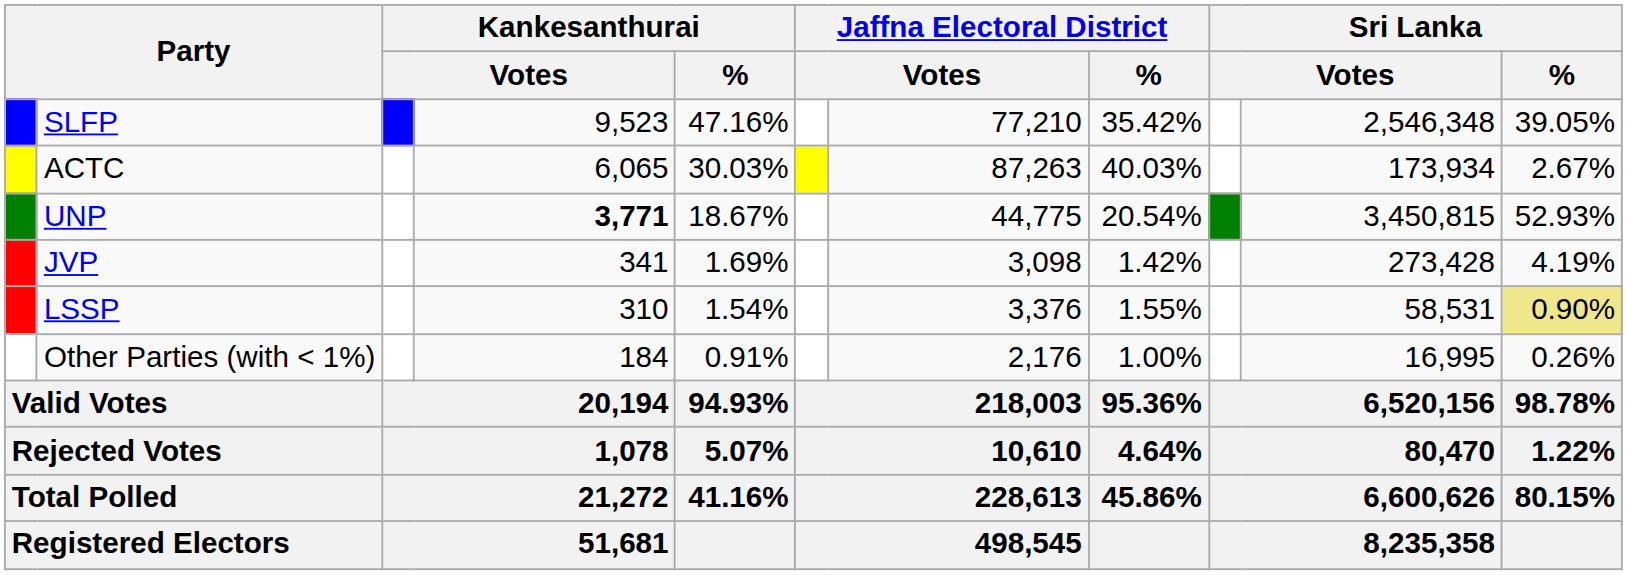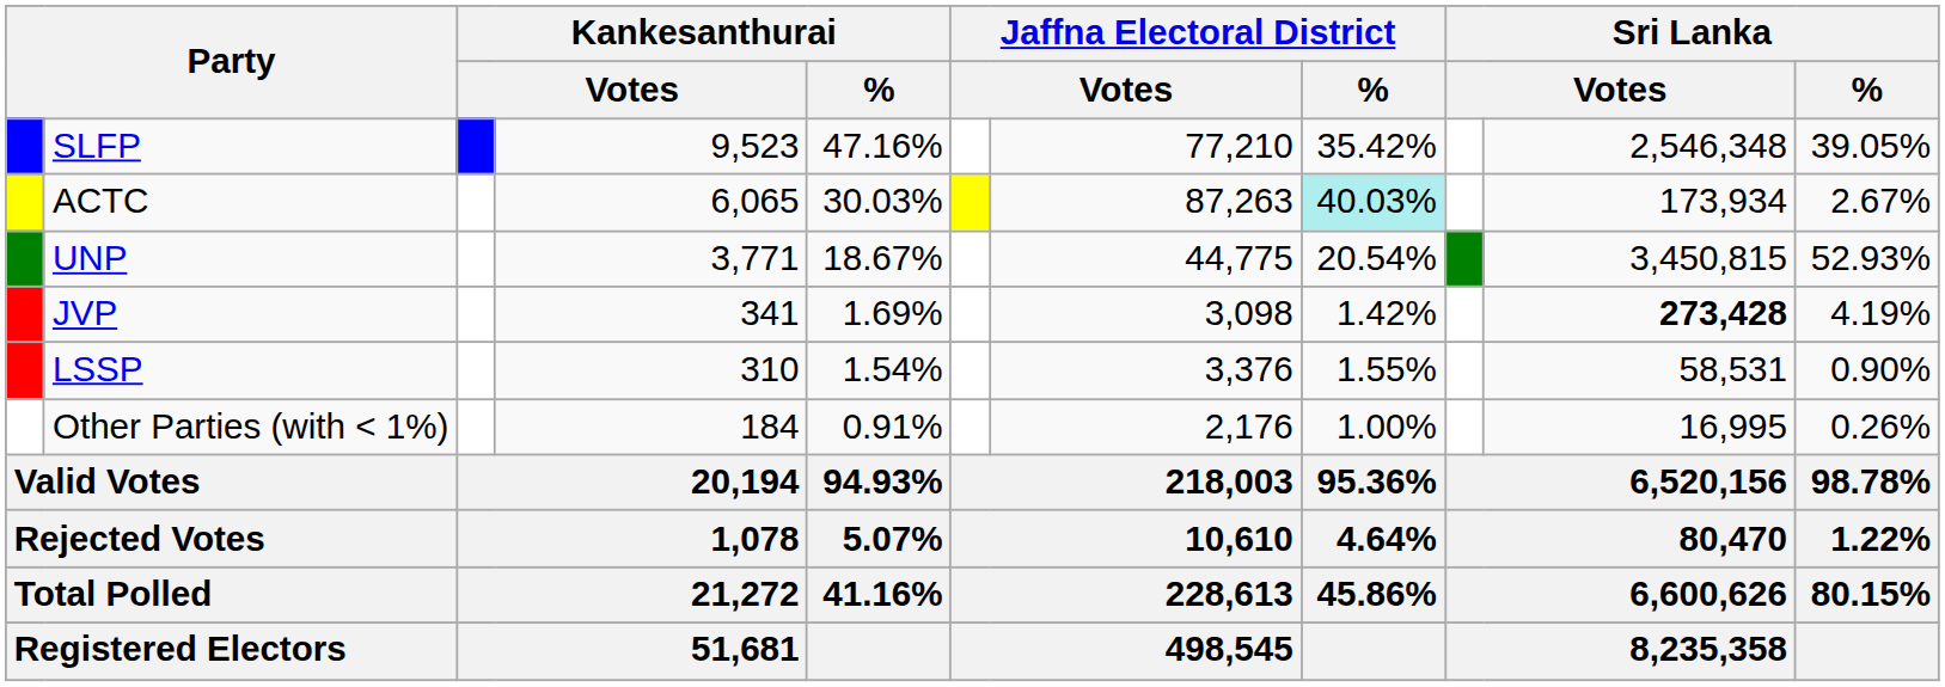 <table class="wikitable">
 <tr>
 <th colspan="2" width="144px"rowspan="2">Party</th>
 <th colspan="3" width="216px">Kankesanthurai</th>
 <th colspan="3" width="216px"><a href='#'>Jaffna Electoral District</a></th>
 <th colspan="3" width="216px">Sri Lanka</th>
 </tr>
 <tr>
 <th colspan="2" width="144px">Votes</th>
 <th>%</th>
 <th colspan="2" width="144px">Votes</th>
 <th>%</th>
 <th colspan="2" width="144px">Votes</th>
 <th>%</th>
 </tr>
 <tr>
 <td style="background-color:blue;" width="10px"></td>
 <td style="text-align:left;"><a href='#'>SLFP</a></td>
 <td style="background-color:blue;" width="10px"></td>
 <td style="text-align:right;">9,523</td>
 <td style="text-align:right;">47.16%</td>
 <td style="background-color:white;" width="10px"></td>
 <td style="text-align:right;">77,210</td>
 <td style="text-align:right;">35.42%</td>
 <td style="background-color:white;" width="10px"></td>
 <td style="text-align:right;">2,546,348</td>
 <td style="text-align:right;">39.05%</td>
 </tr>
 <tr>
 <td style="background-color:yellow;" width="10px"></td>
 <td style="text-align:left;">ACTC</td>
 <td style="background-color:white;" width="10px"></td>
 <td style="text-align:right;">6,065</td>
 <td style="text-align:right;">30.03%</td>
 <td style="background-color:yellow;" width="10px"></td>
 <td style="text-align:right;">87,263</td>
-<td style="text-align:right;">40.03%</td>
+<td style="background: paleturquoise; text-align:right;">40.03%</td>
 <td style="background-color:white;" width="10px"></td>
 <td style="text-align:right;">173,934</td>
 <td style="text-align:right;">2.67%</td>
 </tr>
 <tr>
 <td style="background-color:green;" width="10px"></td>
 <td style="text-align:left;"><a href='#'>UNP</a></td>
 <td style="background-color:white;" width="10px"></td>
-<td style="text-align:right;"><strong>3,771</strong></td>
+<td style="text-align:right;">3,771</td>
 <td style="text-align:right;">18.67%</td>
 <td style="background-color:white;" width="10px"></td>
 <td style="text-align:right;">44,775</td>
 <td style="text-align:right;">20.54%</td>
 <td style="background-color:green;" width="10px"></td>
 <td style="text-align:right;">3,450,815</td>
 <td style="text-align:right;">52.93%</td>
 </tr>
 <tr>
 <td style="background-color:red;" width="10px"></td>
 <td style="text-align:left;"><a href='#'>JVP</a></td>
 <td style="background-color:white;" width="10px"></td>
 <td style="text-align:right;">341</td>
 <td style="text-align:right;">1.69%</td>
 <td style="background-color:white;" width="10px"></td>
 <td style="text-align:right;">3,098</td>
 <td style="text-align:right;">1.42%</td>
 <td style="background-color:white;" width="10px"></td>
-<td style="text-align:right;">273,428</td>
+<td style="text-align:right;"><strong>273,428</strong></td>
 <td style="text-align:right;">4.19%</td>
 </tr>
 <tr>
 <td style="background-color:red;" width="10px"></td>
 <td style="text-align:left;"><a href='#'>LSSP</a></td>
 <td style="background-color:white;" width="10px"></td>
 <td style="text-align:right;">310</td>
 <td style="text-align:right;">1.54%</td>
 <td style="background-color:white;" width="10px"></td>
 <td style="text-align:right;">3,376</td>
 <td style="text-align:right;">1.55%</td>
 <td style="background-color:white;" width="10px"></td>
 <td style="text-align:right;">58,531</td>
-<td style="background: khaki; text-align:right;">0.90%</td>
+<td style="text-align:right;">0.90%</td>
 </tr>
 <tr>
 <td style="background-color:white;" width="10px"></td>
 <td style="text-align:left;">Other Parties (with < 1%)</td>
 <td style="background-color:white;" width="10px"></td>
 <td style="text-align:right;">184</td>
 <td style="text-align:right;">0.91%</td>
 <td style="background-color:white;" width="10px"></td>
 <td style="text-align:right;">2,176</td>
 <td style="text-align:right;">1.00%</td>
 <td style="background-color:white;" width="10px"></td>
 <td style="text-align:right;">16,995</td>
 <td style="text-align:right;">0.26%</td>
 </tr>
 <tr>
 <th colspan="2" width="144px"style="text-align:left;">Valid Votes</th>
 <th style="text-align:right;"colspan="2" width="144px">20,194</th>
 <th style="text-align:right;">94.93%</th>
 <th style="text-align:right;"colspan="2" width="144px">218,003</th>
 <th style="text-align:right;">95.36%</th>
 <th style="text-align:right;"colspan="2" width="144px">6,520,156</th>
 <th style="text-align:right;">98.78%</th>
 </tr>
 <tr>
 <th colspan="2" width="144px"style="text-align:left;">Rejected Votes</th>
 <th style="text-align:right;"colspan="2" width="144px">1,078</th>
 <th style="text-align:right;">5.07%</th>
 <th style="text-align:right;"colspan="2" width="144px">10,610</th>
 <th style="text-align:right;">4.64%</th>
 <th style="text-align:right;"colspan="2" width="144px">80,470</th>
 <th style="text-align:right;">1.22%</th>
 </tr>
 <tr>
 <th colspan="2" width="144px"style="text-align:left;">Total Polled</th>
 <th style="text-align:right;"colspan="2" width="144px">21,272</th>
 <th style="text-align:right;">41.16%</th>
 <th style="text-align:right;"colspan="2" width="144px">228,613</th>
 <th style="text-align:right;">45.86%</th>
 <th style="text-align:right;"colspan="2" width="144px">6,600,626</th>
 <th style="text-align:right;">80.15%</th>
 </tr>
 <tr>
 <th colspan="2" width="144px"style="text-align:left;">Registered Electors</th>
 <th style="text-align:right;"colspan="2" width="144px">51,681</th>
 <th></th>
 <th style="text-align:right;"colspan="2" width="144px">498,545</th>
 <th></th>
 <th style="text-align:right;"colspan="2" width="144px">8,235,358</th>
 <th></th>
 </tr>
 </table>
